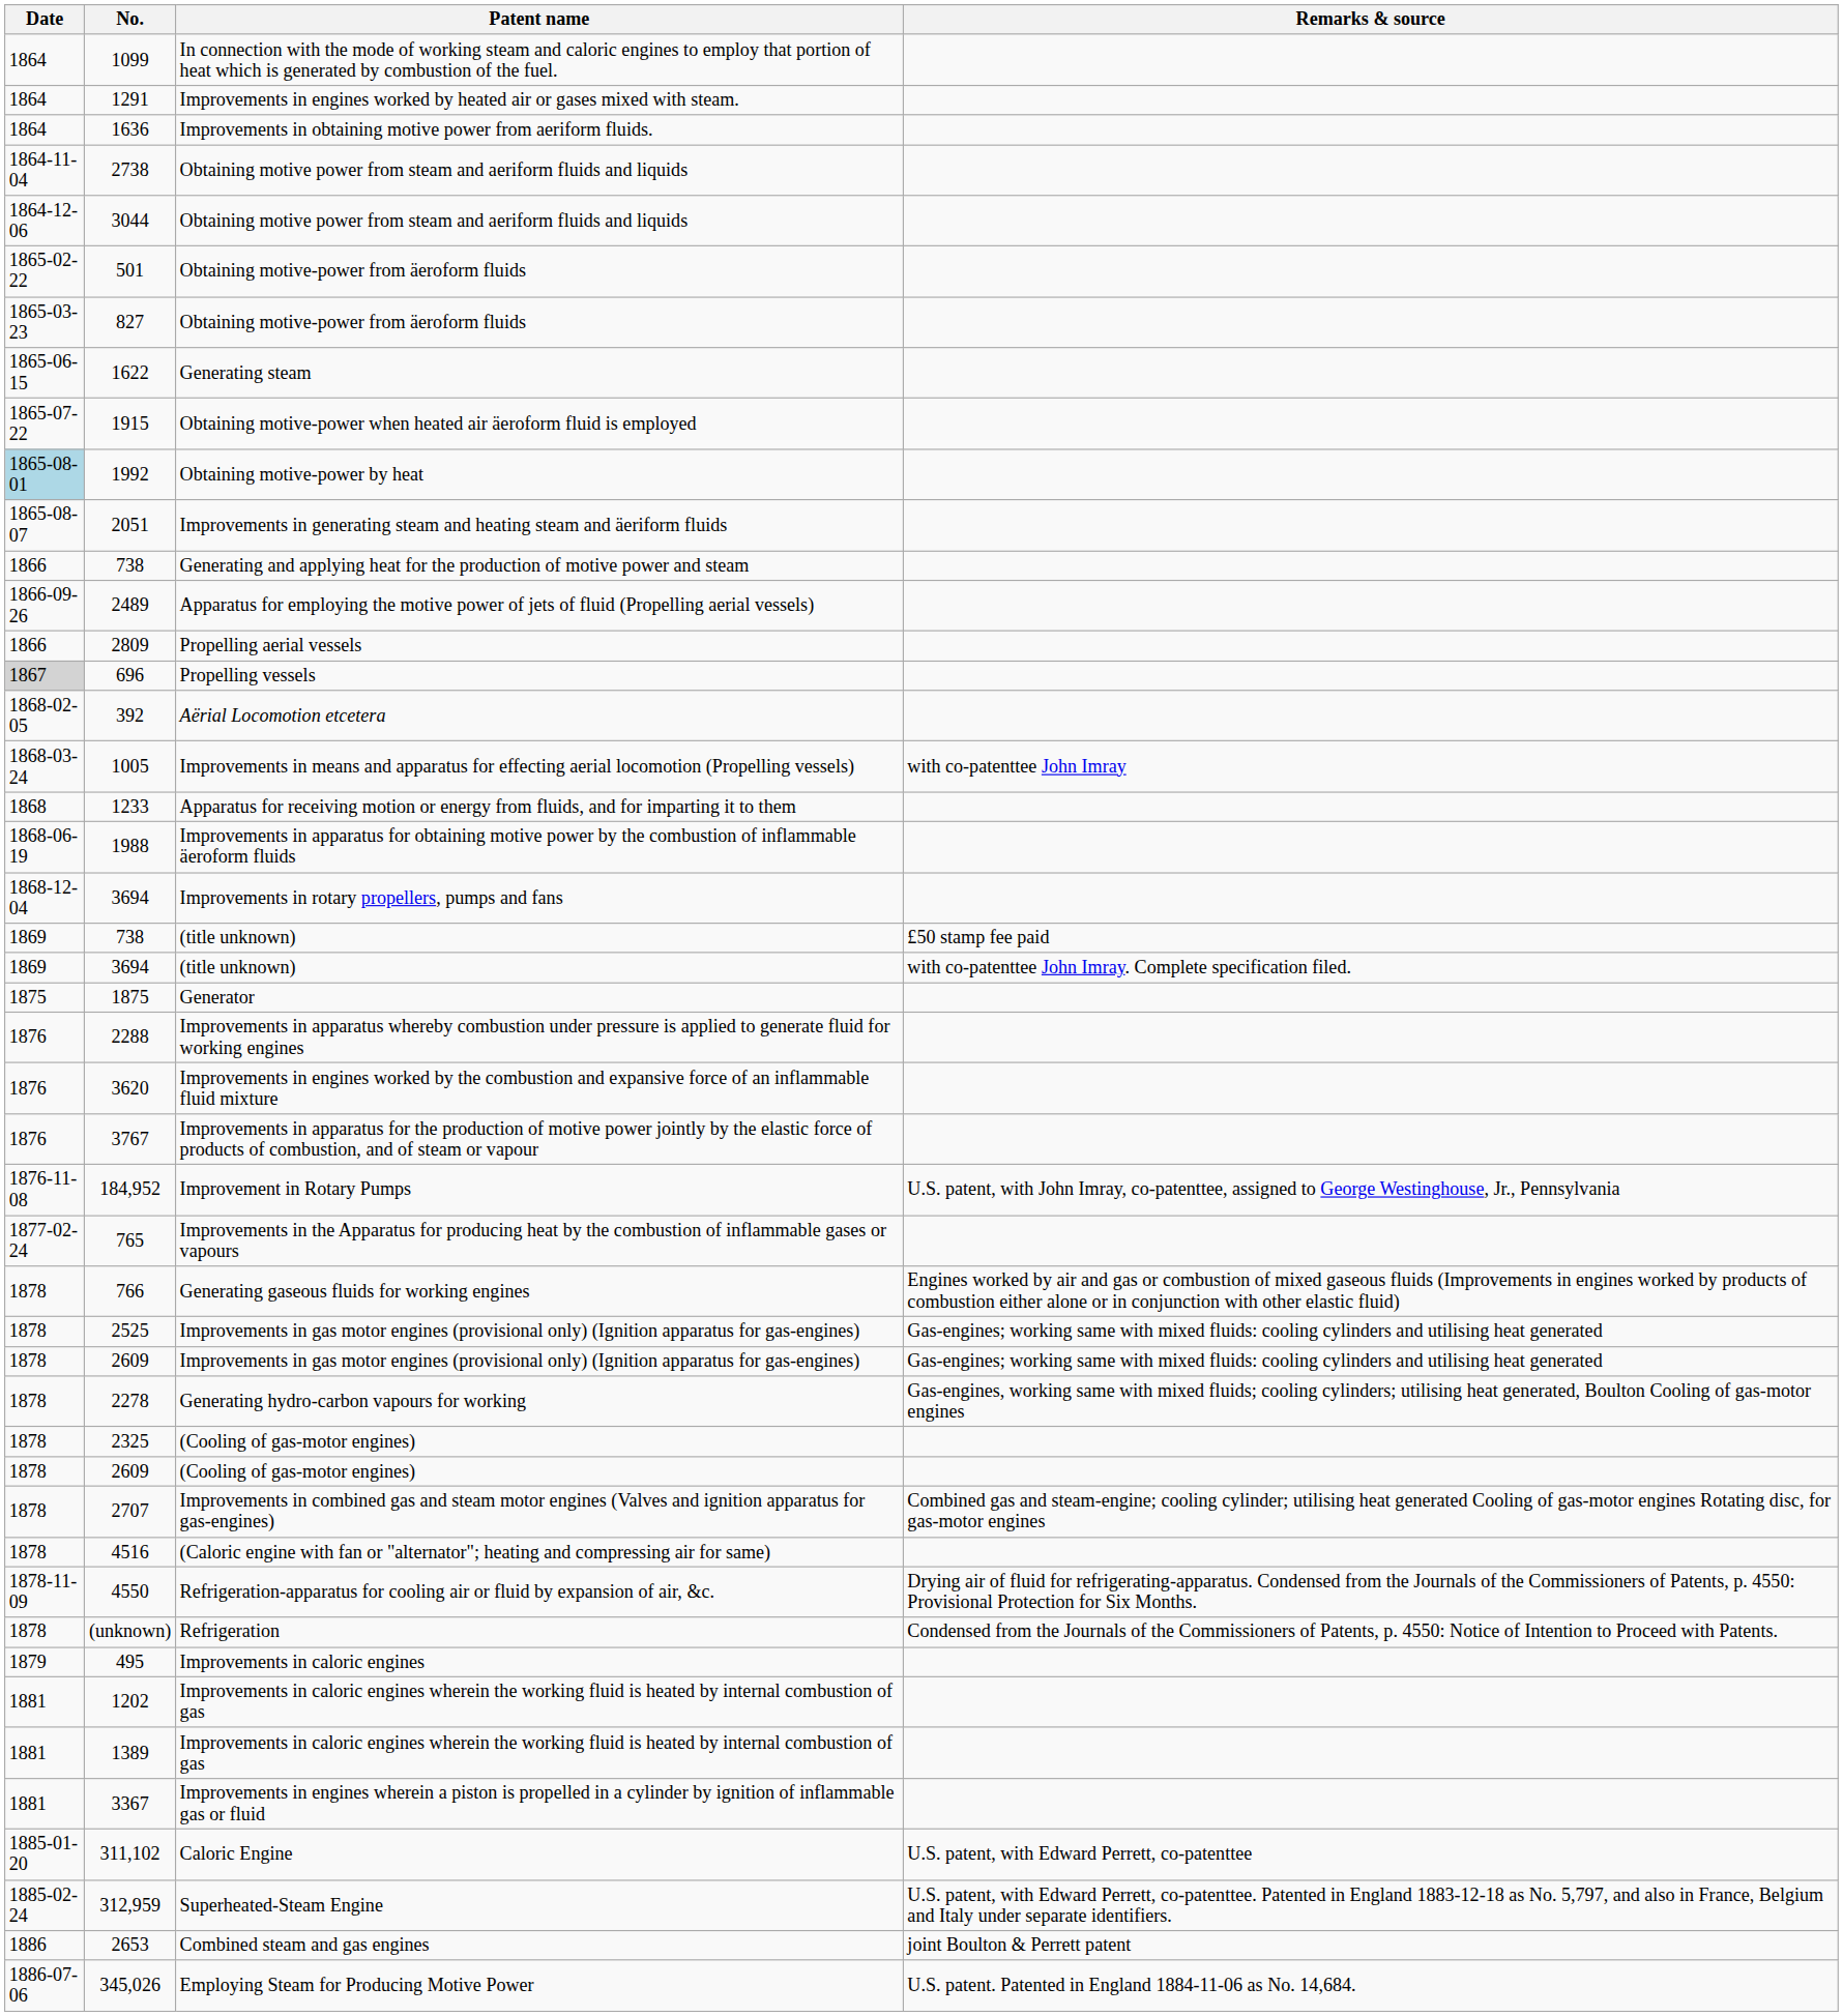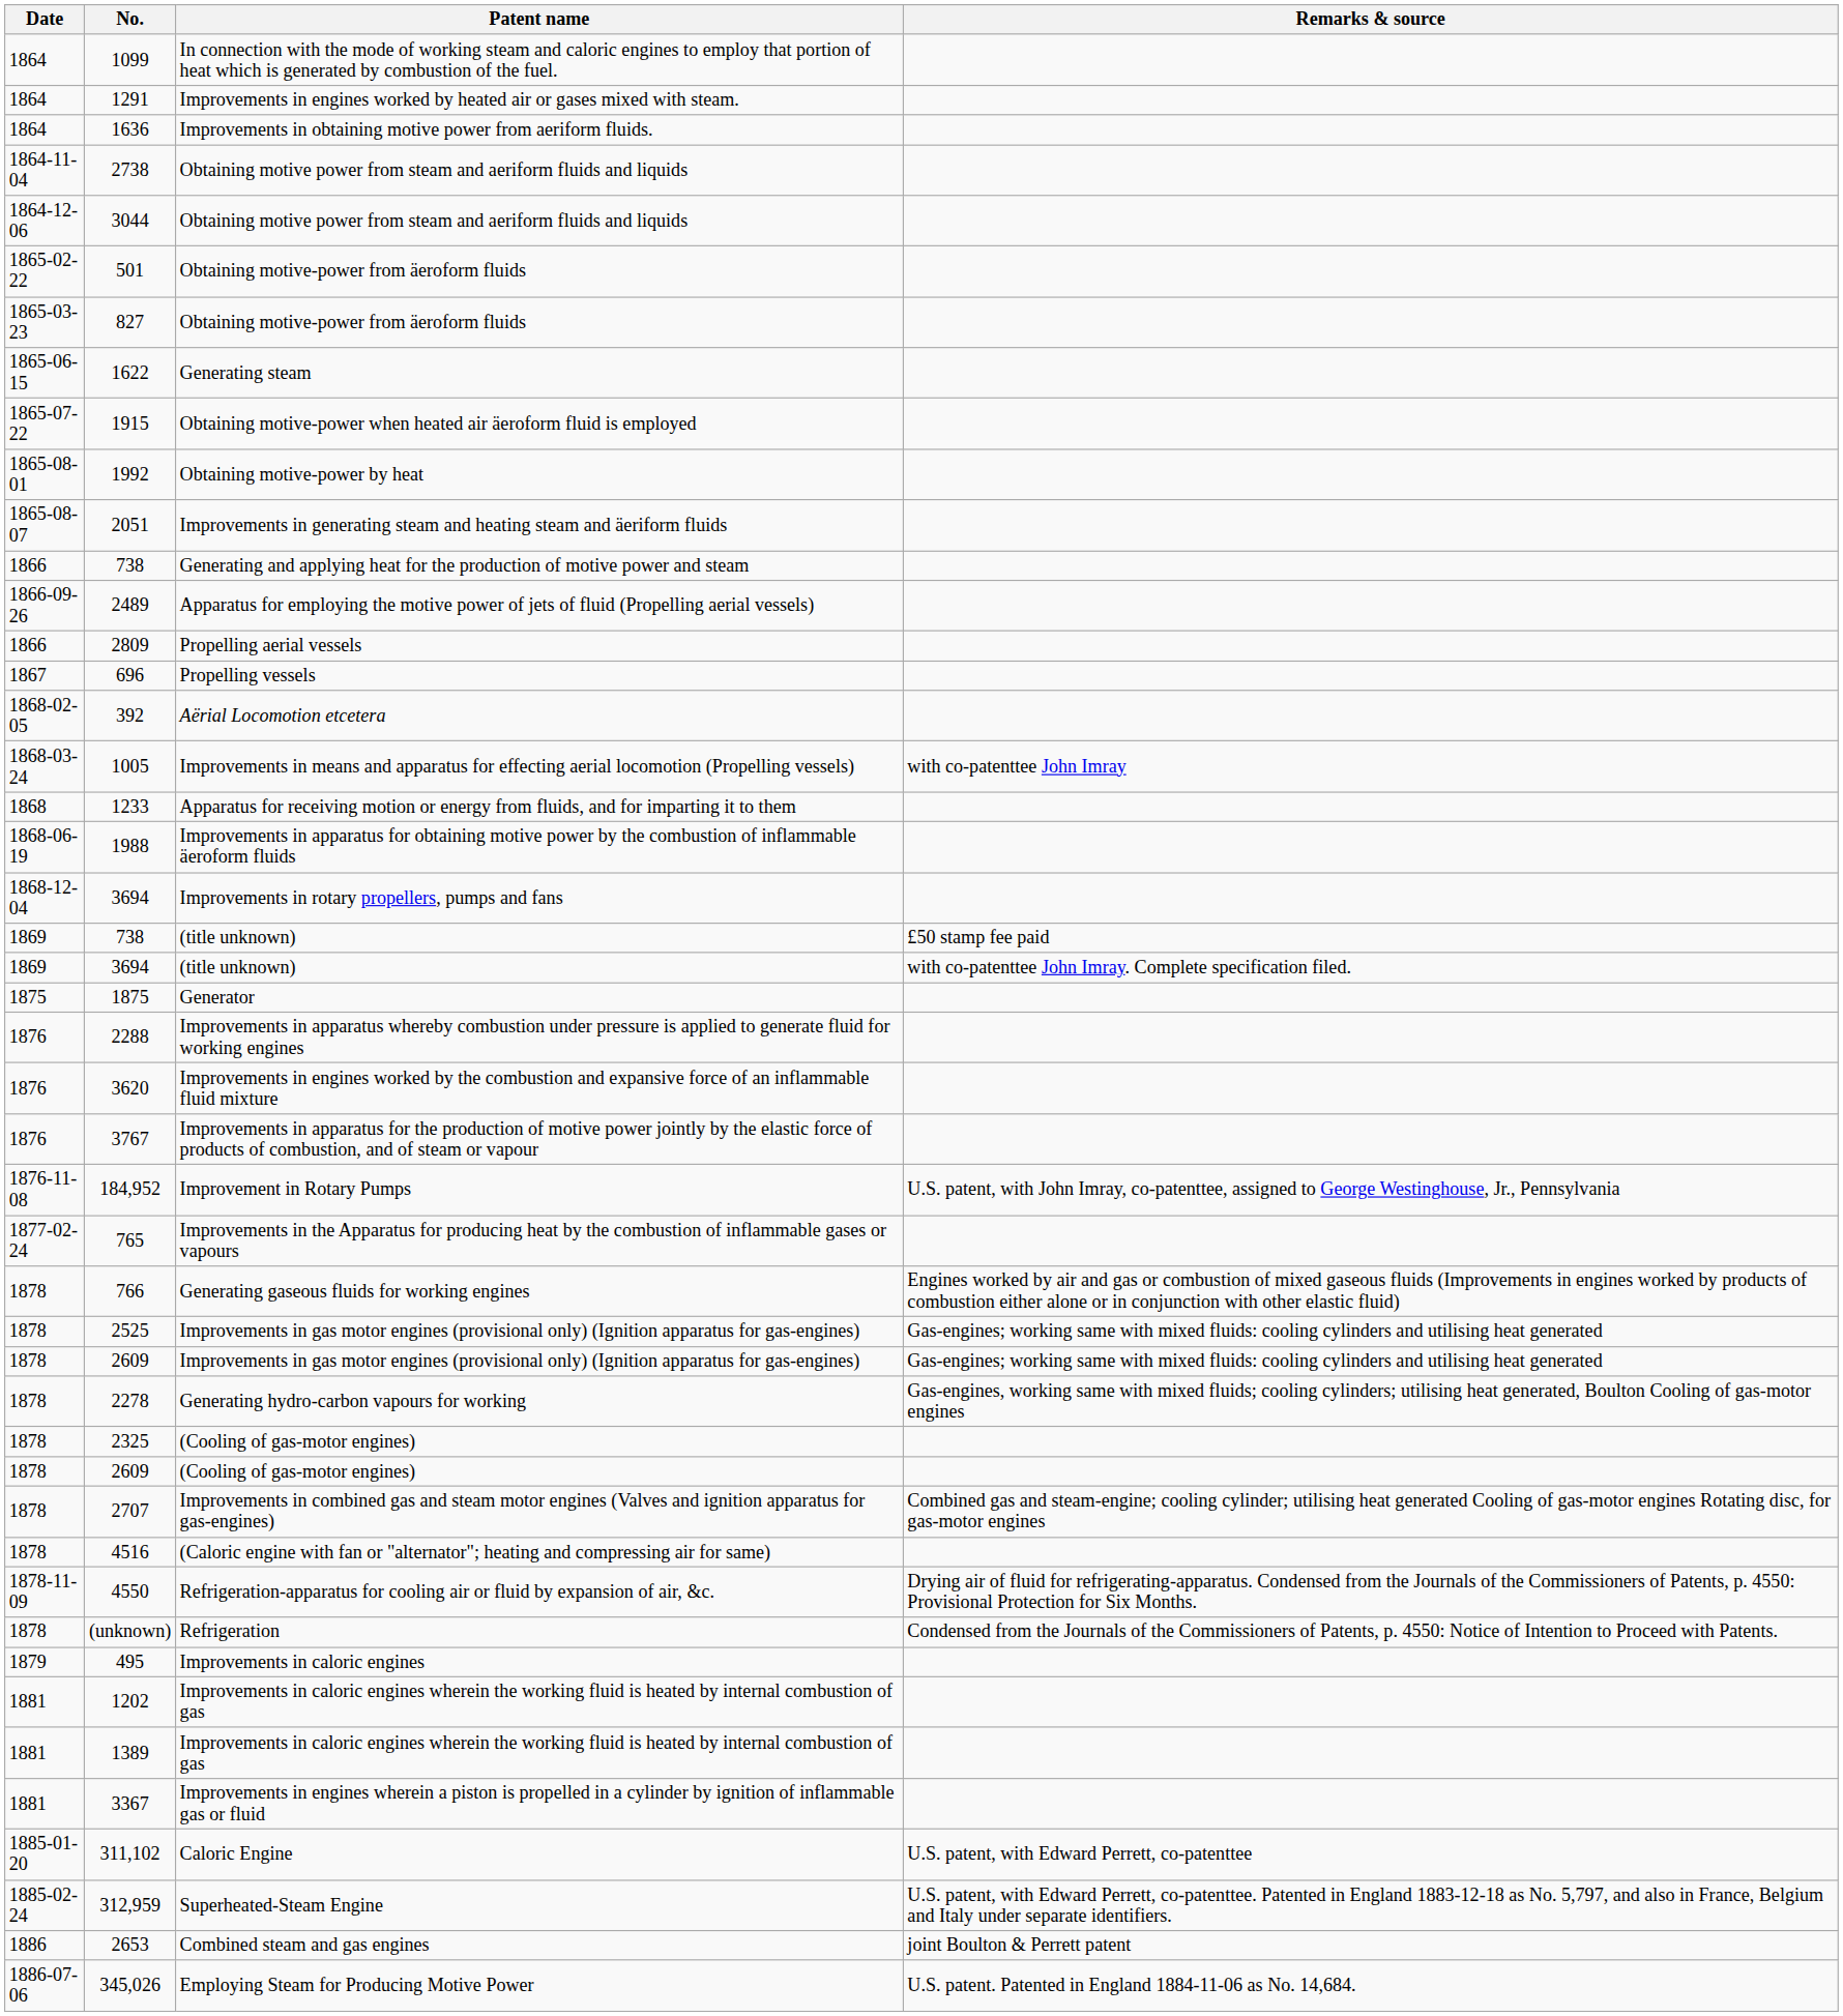 <table class="wikitable sortable">
 <tr>
 <th>Date</th>
 <th>No.</th>
 <th>Patent name</th>
 <th>Remarks & source</th>
 </tr>
 <tr>
 <td>1864</td>
 <td align=center>1099</td>
 <td>In connection with the mode of working steam and caloric engines to employ that portion of heat which is generated by combustion of the fuel.</td>
 <td></td>
 </tr>
 <tr>
 <td>1864</td>
 <td align=center>1291</td>
 <td>Improvements in engines worked by heated air or gases mixed with steam.</td>
 <td></td>
 </tr>
 <tr>
 <td>1864</td>
 <td align=center>1636</td>
 <td>Improvements in obtaining motive power from aeriform fluids.</td>
 <td></td>
 </tr>
 <tr>
 <td>1864-11-04</td>
 <td align=center>2738</td>
 <td>Obtaining motive power from steam and aeriform fluids and liquids</td>
 <td></td>
 </tr>
 <tr>
 <td>1864-12-06</td>
 <td align=center>3044</td>
 <td>Obtaining motive power from steam and aeriform fluids and liquids</td>
 <td></td>
 </tr>
 <tr>
 <td>1865-02-22</td>
 <td align=center>501</td>
 <td>Obtaining motive-power from äeroform fluids</td>
 <td></td>
 </tr>
 <tr>
 <td>1865-03-23</td>
 <td align=center>827</td>
 <td>Obtaining motive-power from äeroform fluids</td>
 <td></td>
 </tr>
 <tr>
 <td>1865-06-15</td>
 <td align=center>1622</td>
 <td>Generating steam</td>
 <td></td>
 </tr>
 <tr>
 <td>1865-07-22</td>
 <td align=center>1915</td>
 <td>Obtaining motive-power when heated air äeroform fluid is employed</td>
 <td></td>
 </tr>
 <tr>
-<td style="background: lightblue;">1865-08-01</td>
+<td>1865-08-01</td>
 <td align=center>1992</td>
 <td>Obtaining motive-power by heat</td>
 <td></td>
 </tr>
 <tr>
 <td>1865-08-07</td>
 <td align=center>2051</td>
 <td>Improvements in generating steam and heating steam and äeriform fluids</td>
 <td></td>
 </tr>
 <tr>
 <td>1866</td>
 <td align=center>738</td>
 <td>Generating and applying heat for the production of motive power and steam</td>
 <td></td>
 </tr>
 <tr>
 <td>1866-09-26</td>
 <td align=center>2489</td>
 <td>Apparatus for employing the motive power of jets of fluid (Propelling aerial vessels)</td>
 <td></td>
 </tr>
 <tr>
 <td>1866</td>
 <td align=center>2809</td>
 <td>Propelling aerial vessels</td>
 <td></td>
 </tr>
 <tr>
-<td style="background: lightgrey;">1867</td>
+<td>1867</td>
 <td align=center>696</td>
 <td>Propelling vessels</td>
 <td></td>
 </tr>
 <tr>
 <td>1868-02-05</td>
 <td align=center>392</td>
 <td><em>Aërial Locomotion etcetera</em></td>
 <td></td>
 </tr>
 <tr>
 <td>1868-03-24</td>
 <td align=center>1005</td>
 <td>Improvements in means and apparatus for effecting aerial locomotion (Propelling vessels)</td>
 <td>with co-patenttee <a href='#'>John Imray</a></td>
 </tr>
 <tr>
 <td>1868</td>
 <td align=center>1233</td>
 <td>Apparatus for receiving motion or energy from fluids, and for imparting it to them</td>
 <td></td>
 </tr>
 <tr>
 <td>1868-06-19</td>
 <td align=center>1988</td>
 <td>Improvements in apparatus for obtaining motive power by the combustion of inflammable äeroform fluids</td>
 <td></td>
 </tr>
 <tr>
 <td>1868-12-04</td>
 <td align=center>3694</td>
 <td>Improvements in rotary <a href='#'>propellers</a>, pumps and fans</td>
 <td></td>
 </tr>
 <tr>
 <td>1869</td>
 <td align=center>738</td>
 <td>(title unknown)</td>
 <td>£50 stamp fee paid</td>
 </tr>
 <tr>
 <td>1869</td>
 <td align=center>3694</td>
 <td>(title unknown)</td>
 <td>with co-patenttee <a href='#'>John Imray</a>. Complete specification filed.</td>
 </tr>
 <tr>
 <td>1875</td>
 <td align=center>1875</td>
 <td>Generator</td>
 <td></td>
 </tr>
 <tr>
 <td>1876</td>
 <td align=center>2288</td>
 <td>Improvements in apparatus whereby combustion under pressure is applied to generate fluid for working engines</td>
 <td></td>
 </tr>
 <tr>
 <td>1876</td>
 <td align=center>3620</td>
 <td>Improvements in engines worked by the combustion and expansive force of an inflammable fluid mixture</td>
 <td></td>
 </tr>
 <tr>
 <td>1876</td>
 <td align=center>3767</td>
 <td>Improvements in apparatus for the production of motive power jointly by the elastic force of products of combustion, and of steam or vapour</td>
 <td></td>
 </tr>
 <tr>
 <td>1876-11-08</td>
 <td align=center>184,952</td>
 <td>Improvement in Rotary Pumps</td>
 <td>U.S. patent, with John Imray, co-patenttee, assigned to <a href='#'>George Westinghouse</a>, Jr., Pennsylvania</td>
 </tr>
 <tr>
 <td>1877-02-24</td>
 <td align=center>765</td>
 <td>Improvements in the Apparatus for producing heat by the combustion of inflammable gases or vapours</td>
 <td></td>
 </tr>
 <tr>
 <td>1878</td>
 <td align=center>766</td>
 <td>Generating gaseous fluids for working engines</td>
 <td>Engines worked by air and gas or combustion of mixed gaseous fluids (Improvements in engines worked by products of combustion either alone or in conjunction with other elastic fluid)</td>
 </tr>
 <tr>
 <td>1878</td>
 <td align=center>2525</td>
 <td>Improvements in gas motor engines (provisional only) (Ignition apparatus for gas-engines)</td>
 <td>Gas-engines; working same with mixed fluids: cooling cylinders and utilising heat generated</td>
 </tr>
 <tr>
 <td>1878</td>
 <td align=center>2609</td>
 <td>Improvements in gas motor engines (provisional only) (Ignition apparatus for gas-engines)</td>
 <td>Gas-engines; working same with mixed fluids: cooling cylinders and utilising heat generated</td>
 </tr>
 <tr>
 <td>1878</td>
 <td align=center>2278</td>
 <td>Generating hydro-carbon vapours for working</td>
 <td>Gas-engines, working same with mixed fluids; cooling cylinders; utilising heat generated, Boulton Cooling of gas-motor engines</td>
 </tr>
 <tr>
 <td>1878</td>
 <td align=center>2325</td>
 <td>(Cooling of gas-motor engines)</td>
 <td></td>
 </tr>
 <tr>
 <td>1878</td>
 <td align=center>2609</td>
 <td>(Cooling of gas-motor engines)</td>
 <td></td>
 </tr>
 <tr>
 <td>1878</td>
 <td align=center>2707</td>
 <td>Improvements in combined gas and steam motor engines (Valves and ignition apparatus for gas-engines)</td>
 <td>Combined gas and steam-engine; cooling cylinder; utilising heat generated Cooling of gas-motor engines Rotating disc, for gas-motor engines</td>
 </tr>
 <tr>
 <td>1878</td>
 <td align=center>4516</td>
 <td>(Caloric engine with fan or "alternator"; heating and compressing air for same)</td>
 <td></td>
 </tr>
 <tr>
 <td>1878-11-09</td>
 <td align=center>4550</td>
 <td>Refrigeration-apparatus for cooling air or fluid by expansion of air, &c.</td>
 <td>Drying air of fluid for refrigerating-apparatus. Condensed from the Journals of the Commissioners of Patents, p. 4550: Provisional Protection for Six Months.</td>
 </tr>
 <tr>
 <td>1878</td>
 <td>(unknown)</td>
 <td>Refrigeration</td>
 <td>Condensed from the Journals of the Commissioners of Patents, p. 4550: Notice of Intention to Proceed with Patents.</td>
 </tr>
 <tr>
 <td>1879</td>
 <td align=center>495</td>
 <td>Improvements in caloric engines</td>
 <td></td>
 </tr>
 <tr>
 <td>1881</td>
 <td align=center>1202</td>
 <td>Improvements in caloric engines wherein the working fluid is heated by internal combustion of gas</td>
 <td></td>
 </tr>
 <tr>
 <td>1881</td>
 <td align=center>1389</td>
 <td>Improvements in caloric engines wherein the working fluid is heated by internal combustion of gas</td>
 <td></td>
 </tr>
 <tr>
 <td>1881</td>
 <td align=center>3367</td>
 <td>Improvements in engines wherein a piston is propelled in a cylinder by ignition of inflammable gas or fluid</td>
 <td></td>
 </tr>
 <tr>
 <td>1885-01-20</td>
 <td align=center>311,102</td>
 <td>Caloric Engine</td>
 <td>U.S. patent, with Edward Perrett, co-patenttee</td>
 </tr>
 <tr>
 <td>1885-02-24</td>
 <td align=center>312,959</td>
 <td>Superheated-Steam Engine</td>
 <td>U.S. patent, with Edward Perrett, co-patenttee. Patented in England 1883-12-18 as No. 5,797, and also in France, Belgium and Italy under separate identifiers.</td>
 </tr>
 <tr>
 <td>1886</td>
 <td align=center>2653</td>
 <td>Combined steam and gas engines</td>
 <td>joint Boulton & Perrett patent</td>
 </tr>
 <tr>
 <td>1886-07-06</td>
 <td align=center>345,026</td>
 <td>Employing Steam for Producing Motive Power</td>
 <td>U.S. patent. Patented in England 1884-11-06 as No. 14,684.<br></td>
 </tr>
 </table>
